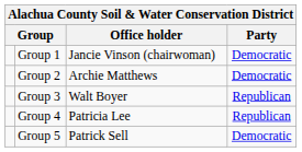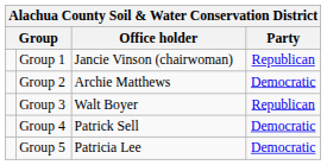 <table class="wikitable" style="margin:10px">
 <tr>
 <th colspan="4">Alachua County Soil & Water Conservation District</th>
 </tr>
 <tr>
 <th colspan="2" style="text-align:center; vertical-align:bottom;">Group</th>
 <th style="text-align:center;">Office holder</th>
 <th valign="bottom">Party</th>
 </tr>
 <tr>
 <td style="background-color:"> </td>
 <td>Group 1</td>
 <td>Jancie Vinson (chairwoman)</td>
-<td style="text-align:center;"><a href='#'>Democratic</a></td>
+<td style="text-align:center;"><a href='#'>Republican</a></td>
 </tr>
 <tr>
 <td style="background-color:"> </td>
 <td>Group 2</td>
 <td>Archie Matthews</td>
 <td style="text-align:center;"><a href='#'>Democratic</a></td>
 </tr>
 <tr>
 <td></td>
 <td>Group 3</td>
 <td>Walt Boyer</td>
 <td style="text-align:center;"><a href='#'>Republican</a></td>
 </tr>
 <tr>
 <td></td>
 <td>Group 4</td>
-<td>Patricia Lee</td>
-<td style="text-align:center;"><a href='#'>Republican</a></td>
+<td>Patrick Sell</td>
+<td style="text-align:center;"><a href='#'>Democratic</a></td>
 </tr>
 <tr>
 <td style="background-color:"> </td>
 <td>Group 5</td>
-<td>Patrick Sell</td>
+<td>Patricia Lee</td>
 <td style="text-align:center;"><a href='#'>Democratic</a></td>
 </tr>
 </table>
